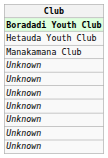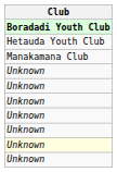 <table class="wikitable" border="1">
 <tr>
 <th>Club</th>
 </tr>
 <tr bgcolor=#dfd>
 <td><strong>Boradadi Youth Club</strong></td>
 </tr>
 <tr>
 <td>Hetauda Youth Club</td>
 </tr>
 <tr>
 <td>Manakamana Club</td>
 </tr>
 <tr>
 <td><em>Unknown</em></td>
 </tr>
 <tr>
 <td><em>Unknown</em></td>
 </tr>
 <tr>
 <td><em>Unknown</em></td>
 </tr>
 <tr>
 <td><em>Unknown</em></td>
 </tr>
 <tr>
 <td><em>Unknown</em></td>
 </tr>
 <tr>
-<td><em>Unknown</em></td>
+<td style="background: lightyellow;"><em>Unknown</em></td>
 </tr>
 <tr>
 <td><em>Unknown</em></td>
 </tr>
 </table>
